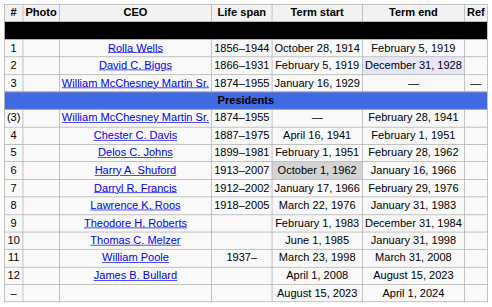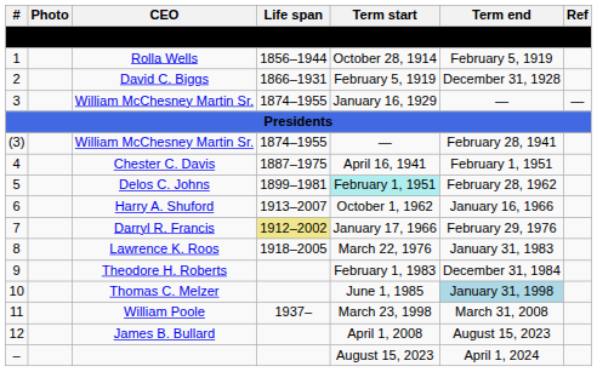 <table class="wikitable" style="text-align:center">
 <tr>
 <th>#</th>
 <th>Photo</th>
 <th>CEO</th>
 <th>Life span</th>
 <th>Term start</th>
 <th>Term end</th>
 <th>Ref</th>
 </tr>
 <tr>
 <td align="center" Colspan="18" style="background: #000000"><strong><span>Governors</span></strong></td>
 </tr>
 <tr>
 <td>1</td>
 <td></td>
 <td><a href='#'>Rolla Wells</a></td>
 <td>1856–1944</td>
 <td>October 28, 1914</td>
 <td>February 5, 1919</td>
 <td align="center"></td>
 </tr>
 <tr>
 <td>2</td>
 <td></td>
 <td><a href='#'>David C. Biggs</a></td>
 <td>1866–1931</td>
 <td>February 5, 1919</td>
-<td style="background: lavender;">December 31, 1928</td>
+<td>December 31, 1928</td>
 <td align="center"></td>
 </tr>
 <tr>
 <td>3</td>
 <td></td>
 <td><a href='#'>William McChesney Martin Sr.</a></td>
 <td>1874–1955</td>
 <td>January 16, 1929</td>
 <td align="center">—</td>
 <td>—</td>
 </tr>
 <tr>
 <td align="center" Colspan="18" style="background: #4169E1"><strong><span>Presidents</span></strong></td>
 </tr>
 <tr>
 <td>(3)</td>
 <td></td>
 <td><a href='#'>William McChesney Martin Sr.</a></td>
 <td>1874–1955</td>
 <td align="center">—</td>
 <td>February 28, 1941</td>
 <td align="center"></td>
 </tr>
 <tr>
 <td>4</td>
 <td></td>
 <td><a href='#'>Chester C. Davis</a></td>
 <td>1887–1975</td>
 <td>April 16, 1941</td>
 <td>February 1, 1951</td>
 <td align="center"></td>
 </tr>
 <tr>
 <td>5</td>
 <td></td>
 <td><a href='#'>Delos C. Johns</a></td>
 <td>1899–1981</td>
-<td>February 1, 1951</td>
+<td style="background: paleturquoise;">February 1, 1951</td>
 <td>February 28, 1962</td>
 <td align="center"></td>
 </tr>
 <tr>
 <td>6</td>
 <td></td>
 <td><a href='#'>Harry A. Shuford</a></td>
 <td>1913–2007</td>
-<td style="background: lightgrey;">October 1, 1962</td>
+<td>October 1, 1962</td>
 <td>January 16, 1966</td>
 <td align="center"></td>
 </tr>
 <tr>
 <td>7</td>
 <td></td>
 <td><a href='#'>Darryl R. Francis</a></td>
-<td>1912–2002</td>
+<td style="background: khaki;">1912–2002</td>
 <td>January 17, 1966</td>
 <td>February 29, 1976</td>
 <td align="center"></td>
 </tr>
 <tr>
 <td>8</td>
 <td></td>
 <td><a href='#'>Lawrence K. Roos</a></td>
 <td>1918–2005</td>
 <td>March 22, 1976</td>
 <td>January 31, 1983</td>
 <td align="center"></td>
 </tr>
 <tr>
 <td>9</td>
 <td></td>
 <td><a href='#'>Theodore H. Roberts</a></td>
 <td></td>
 <td>February 1, 1983</td>
 <td>December 31, 1984</td>
 <td align="center"></td>
 </tr>
 <tr>
 <td>10</td>
 <td></td>
 <td><a href='#'>Thomas C. Melzer</a></td>
 <td></td>
 <td>June 1, 1985</td>
-<td>January 31, 1998</td>
+<td style="background: lightblue;">January 31, 1998</td>
 <td align="center"></td>
 </tr>
 <tr>
 <td>11</td>
 <td></td>
 <td><a href='#'>William Poole</a></td>
 <td>1937–</td>
 <td>March 23, 1998</td>
 <td>March 31, 2008</td>
 <td align="center"></td>
 </tr>
 <tr>
 <td>12</td>
 <td></td>
 <td><a href='#'>James B. Bullard</a></td>
 <td></td>
 <td>April 1, 2008</td>
 <td>August 15, 2023</td>
 <td align="center"></td>
 </tr>
 <tr>
 <td>–</td>
 <td></td>
 <td><br></td>
 <td></td>
 <td>August 15, 2023</td>
 <td>April 1, 2024</td>
 <td></td>
 </tr>
 </table>
